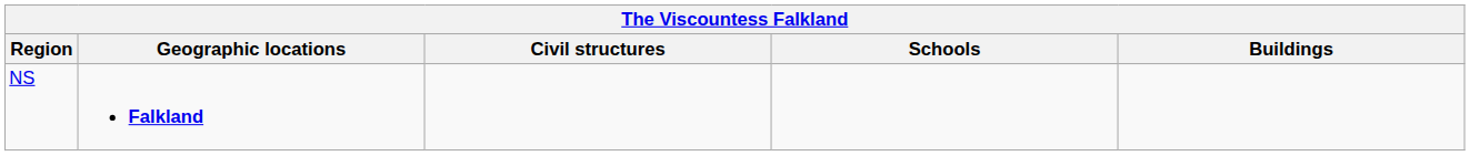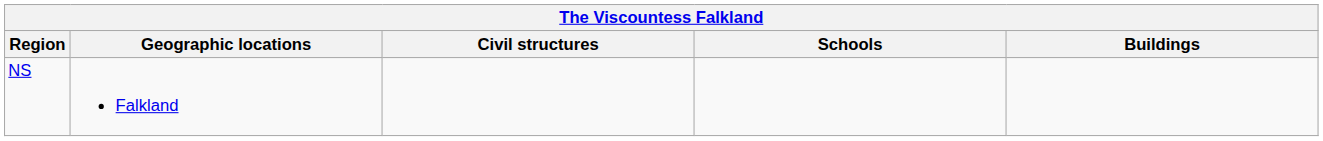 <table class="wikitable" width="100%">
 <tr>
 <th colspan="5"> <a href='#'>The Viscountess Falkland</a></th>
 </tr>
 <tr>
 <th width="5%">Region</th>
 <th width="23.75%">Geographic locations</th>
 <th width="23.75%">Civil structures</th>
 <th width="23.75%">Schools</th>
 <th width="23.75%">Buildings</th>
 </tr>
 <tr>
 <td align=left valign=top> <a href='#'>NS</a></td>
-<td align=left valign=top><strong><br><ul><li><a href='#'>Falkland</a></li></ul></strong></td>
+<td align=left valign=top><br><ul><li><a href='#'>Falkland</a></li></ul></td>
 <td></td>
 <td></td>
 <td></td>
 </tr>
 </table>
